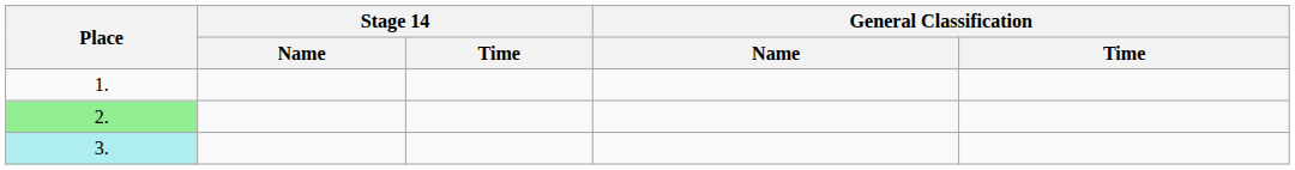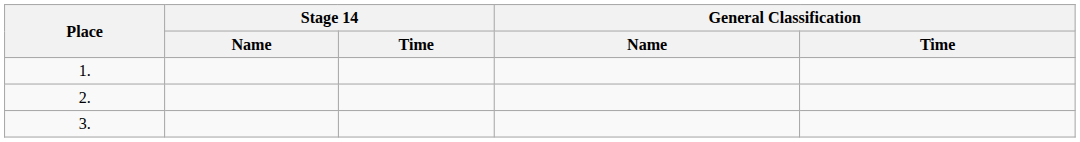 <table class=wikitable style="font-size:95%" width="80%">
 <tr>
 <th rowspan="2">Place</th>
 <th colspan="2">Stage 14</th>
 <th colspan="2">General Classification</th>
 </tr>
 <tr>
 <th>Name</th>
 <th>Time</th>
 <th>Name</th>
 <th>Time</th>
 </tr>
 <tr>
 <td align="center">1.</td>
 <td></td>
 <td></td>
 <td></td>
 <td></td>
 </tr>
 <tr>
-<td align="center" style="background: lightgreen;">2.</td>
+<td align="center">2.</td>
 <td></td>
 <td></td>
 <td></td>
 <td></td>
 </tr>
 <tr>
-<td align="center" style="background: paleturquoise;">3.</td>
+<td align="center">3.</td>
 <td></td>
 <td></td>
 <td></td>
 <td></td>
 </tr>
 </table>
